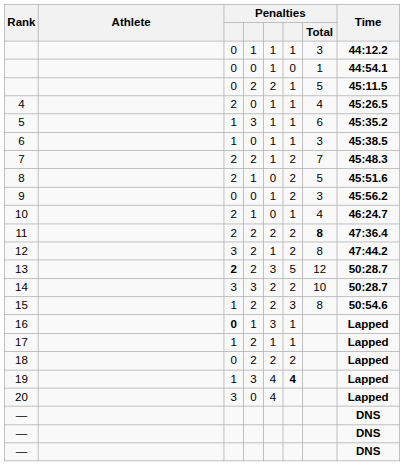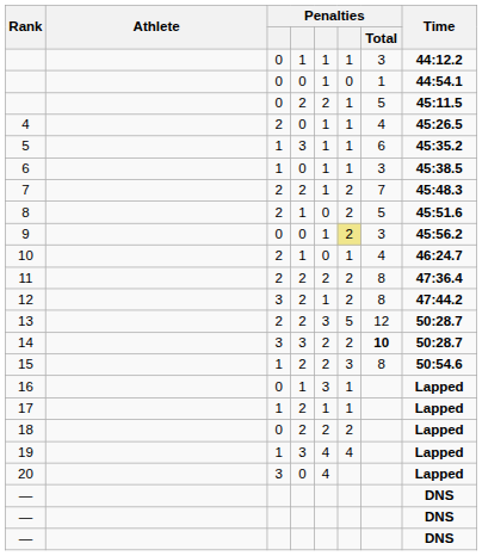 <table class=wikitable style="text-align:center">
 <tr>
 <th rowspan=2 width=40>Rank</th>
 <th rowspan=2 width=250>Athlete</th>
 <th colspan=5>Penalties</th>
 <th rowspan=2 width=80>Time</th>
 </tr>
 <tr>
 <th width=20></th>
 <th width=20></th>
 <th width=20></th>
 <th width=20></th>
 <th width=40>Total</th>
 </tr>
 <tr>
 <td></td>
 <td align=left></td>
 <td>0</td>
 <td>1</td>
 <td>1</td>
 <td>1</td>
 <td>3</td>
 <td><strong>44:12.2</strong></td>
 </tr>
 <tr>
 <td></td>
 <td align=left></td>
 <td>0</td>
 <td>0</td>
 <td>1</td>
 <td>0</td>
 <td>1</td>
 <td><strong>44:54.1</strong></td>
 </tr>
 <tr>
 <td></td>
 <td align=left></td>
 <td>0</td>
 <td>2</td>
 <td>2</td>
 <td>1</td>
 <td>5</td>
 <td><strong>45:11.5</strong></td>
 </tr>
 <tr>
 <td>4</td>
 <td align=left></td>
 <td>2</td>
 <td>0</td>
 <td>1</td>
 <td>1</td>
 <td>4</td>
 <td><strong>45:26.5</strong></td>
 </tr>
 <tr>
 <td>5</td>
 <td align=left></td>
 <td>1</td>
 <td>3</td>
 <td>1</td>
 <td>1</td>
 <td>6</td>
 <td><strong>45:35.2</strong></td>
 </tr>
 <tr>
 <td>6</td>
 <td align=left></td>
 <td>1</td>
 <td>0</td>
 <td>1</td>
 <td>1</td>
 <td>3</td>
 <td><strong>45:38.5</strong></td>
 </tr>
 <tr>
 <td>7</td>
 <td align=left></td>
 <td>2</td>
 <td>2</td>
 <td>1</td>
 <td>2</td>
 <td>7</td>
 <td><strong>45:48.3</strong></td>
 </tr>
 <tr>
 <td>8</td>
 <td align=left></td>
 <td>2</td>
 <td>1</td>
 <td>0</td>
 <td>2</td>
 <td>5</td>
 <td><strong>45:51.6</strong></td>
 </tr>
 <tr>
 <td>9</td>
 <td align=left></td>
 <td>0</td>
 <td>0</td>
 <td>1</td>
-<td>2</td>
+<td style="background: khaki;">2</td>
 <td>3</td>
 <td><strong>45:56.2</strong></td>
 </tr>
 <tr>
 <td>10</td>
 <td align=left></td>
 <td>2</td>
 <td>1</td>
 <td>0</td>
 <td>1</td>
 <td>4</td>
 <td><strong>46:24.7</strong></td>
 </tr>
 <tr>
 <td>11</td>
 <td align=left></td>
 <td>2</td>
 <td>2</td>
 <td>2</td>
 <td>2</td>
-<td><strong>8</strong></td>
+<td>8</td>
 <td><strong>47:36.4</strong></td>
 </tr>
 <tr>
 <td>12</td>
 <td align=left></td>
 <td>3</td>
 <td>2</td>
 <td>1</td>
 <td>2</td>
 <td>8</td>
 <td><strong>47:44.2</strong></td>
 </tr>
 <tr>
 <td>13</td>
 <td align=left></td>
-<td><strong>2</strong></td>
+<td>2</td>
 <td>2</td>
 <td>3</td>
 <td>5</td>
 <td>12</td>
 <td><strong>50:28.7</strong></td>
 </tr>
 <tr>
 <td>14</td>
 <td align=left></td>
 <td>3</td>
 <td>3</td>
 <td>2</td>
 <td>2</td>
-<td>10</td>
+<td><strong>10</strong></td>
 <td><strong>50:28.7</strong></td>
 </tr>
 <tr>
 <td>15</td>
 <td align=left></td>
 <td>1</td>
 <td>2</td>
 <td>2</td>
 <td>3</td>
 <td>8</td>
 <td><strong>50:54.6</strong></td>
 </tr>
 <tr>
 <td>16</td>
 <td align=left></td>
-<td><strong>0</strong></td>
+<td>0</td>
 <td>1</td>
 <td>3</td>
 <td>1</td>
 <td></td>
 <td><strong>Lapped</strong></td>
 </tr>
 <tr>
 <td>17</td>
 <td align=left></td>
 <td>1</td>
 <td>2</td>
 <td>1</td>
 <td>1</td>
 <td></td>
 <td><strong>Lapped</strong></td>
 </tr>
 <tr>
 <td>18</td>
 <td align=left></td>
 <td>0</td>
 <td>2</td>
 <td>2</td>
 <td>2</td>
 <td></td>
 <td><strong>Lapped</strong></td>
 </tr>
 <tr>
 <td>19</td>
 <td align=left></td>
 <td>1</td>
 <td>3</td>
 <td>4</td>
-<td><strong>4</strong></td>
+<td>4</td>
 <td></td>
 <td><strong>Lapped</strong></td>
 </tr>
 <tr>
 <td>20</td>
 <td align=left></td>
 <td>3</td>
 <td>0</td>
 <td>4</td>
 <td></td>
 <td></td>
 <td><strong>Lapped</strong></td>
 </tr>
 <tr>
 <td>—</td>
 <td align=left></td>
 <td></td>
 <td></td>
 <td></td>
 <td></td>
 <td></td>
 <td><strong>DNS</strong></td>
 </tr>
 <tr>
 <td>—</td>
 <td align=left></td>
 <td></td>
 <td></td>
 <td></td>
 <td></td>
 <td></td>
 <td><strong>DNS</strong></td>
 </tr>
 <tr>
 <td>—</td>
 <td align=left></td>
 <td></td>
 <td></td>
 <td></td>
 <td></td>
 <td></td>
 <td><strong>DNS</strong></td>
 </tr>
 </table>
